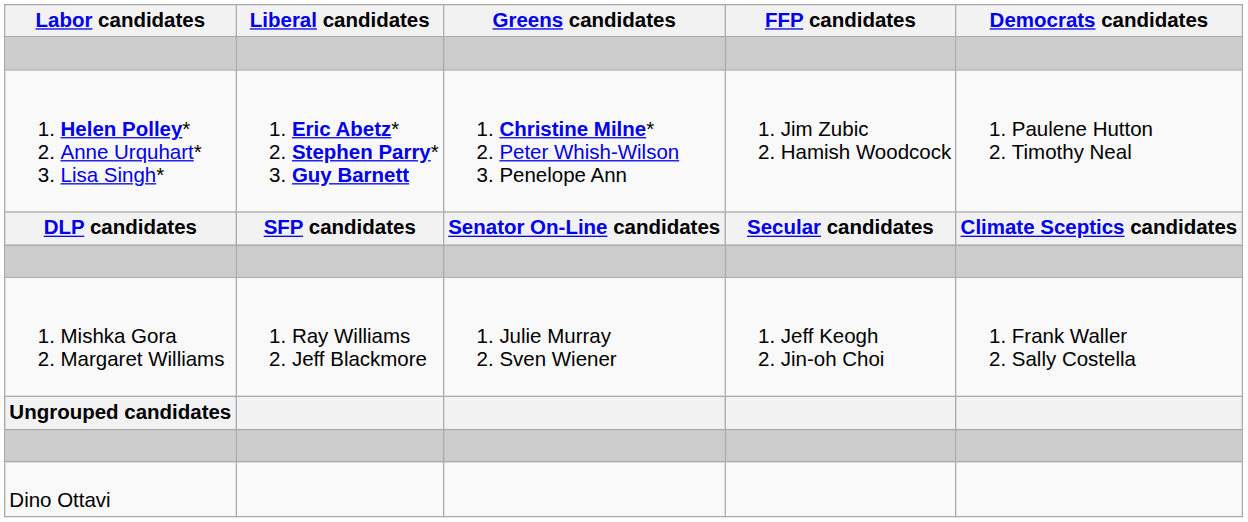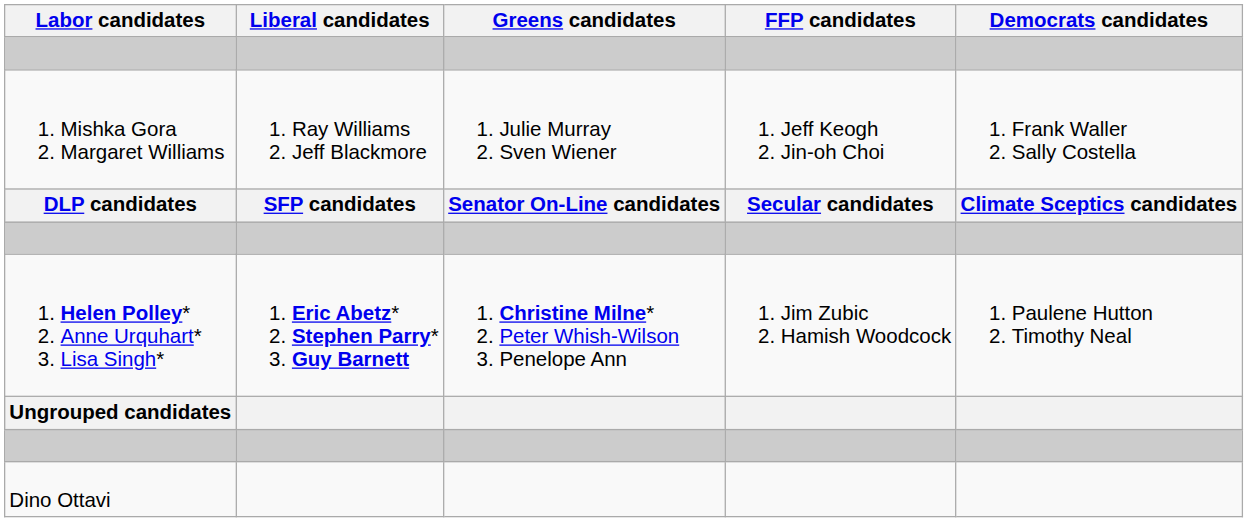 <table class="wikitable">
 <tr>
 <th><a href='#'>Labor</a> candidates</th>
 <th><a href='#'>Liberal</a> candidates</th>
 <th><a href='#'>Greens</a> candidates</th>
 <th><a href='#'>FFP</a> candidates</th>
 <th><a href='#'>Democrats</a> candidates</th>
 </tr>
 <tr style="background:#ccc;">
 <td></td>
 <td></td>
 <td></td>
 <td></td>
 <td> </td>
 </tr>
 <tr>
-<td><br><ol><li><strong><a href='#'>Helen Polley</a></strong>*</li><li><a href='#'>Anne Urquhart</a>*</li><li><a href='#'>Lisa Singh</a>*</li></ol></td>
-<td><br><ol><li><strong><a href='#'>Eric Abetz</a></strong>*</li><li><strong><a href='#'>Stephen Parry</a></strong>*</li><li><strong><a href='#'>Guy Barnett</a></strong></li></ol></td>
-<td><br><ol><li><strong><a href='#'>Christine Milne</a></strong>*</li><li><a href='#'>Peter Whish-Wilson</a></li><li>Penelope Ann</li></ol></td>
-<td valign=top><br><ol><li>Jim Zubic</li><li>Hamish Woodcock</li></ol></td>
-<td valign=top><br><ol><li>Paulene Hutton</li><li>Timothy Neal</li></ol></td>
+<td valign=top><br><ol><li>Mishka Gora</li><li>Margaret Williams</li></ol></td>
+<td valign=top><br><ol><li>Ray Williams</li><li>Jeff Blackmore</li></ol></td>
+<td valign=top><br><ol><li>Julie Murray</li><li>Sven Wiener</li></ol></td>
+<td valign=top><br><ol><li>Jeff Keogh</li><li>Jin-oh Choi</li></ol></td>
+<td valign=top><br><ol><li>Frank Waller</li><li>Sally Costella</li></ol></td>
 </tr>
 <tr style="background:#ccc;">
 <th><a href='#'>DLP</a> candidates</th>
 <th><a href='#'>SFP</a> candidates</th>
 <th><a href='#'>Senator On-Line</a> candidates</th>
 <th><a href='#'>Secular</a> candidates</th>
 <th><a href='#'>Climate Sceptics</a> candidates</th>
 </tr>
 <tr style="background:#ccc;">
 <td></td>
 <td></td>
 <td></td>
 <td></td>
 <td> </td>
 </tr>
 <tr>
-<td valign=top><br><ol><li>Mishka Gora</li><li>Margaret Williams</li></ol></td>
-<td valign=top><br><ol><li>Ray Williams</li><li>Jeff Blackmore</li></ol></td>
-<td valign=top><br><ol><li>Julie Murray</li><li>Sven Wiener</li></ol></td>
-<td valign=top><br><ol><li>Jeff Keogh</li><li>Jin-oh Choi</li></ol></td>
-<td valign=top><br><ol><li>Frank Waller</li><li>Sally Costella</li></ol></td>
+<td><br><ol><li><strong><a href='#'>Helen Polley</a></strong>*</li><li><a href='#'>Anne Urquhart</a>*</li><li><a href='#'>Lisa Singh</a>*</li></ol></td>
+<td><br><ol><li><strong><a href='#'>Eric Abetz</a></strong>*</li><li><strong><a href='#'>Stephen Parry</a></strong>*</li><li><strong><a href='#'>Guy Barnett</a></strong></li></ol></td>
+<td><br><ol><li><strong><a href='#'>Christine Milne</a></strong>*</li><li><a href='#'>Peter Whish-Wilson</a></li><li>Penelope Ann</li></ol></td>
+<td valign=top><br><ol><li>Jim Zubic</li><li>Hamish Woodcock</li></ol></td>
+<td valign=top><br><ol><li>Paulene Hutton</li><li>Timothy Neal</li></ol></td>
 </tr>
 <tr style="background:#ccc;">
 <th>Ungrouped candidates</th>
 <th></th>
 <th></th>
 <th></th>
 <th></th>
 </tr>
 <tr style="background:#ccc;">
 <td></td>
 <td></td>
 <td></td>
 <td></td>
 <td> </td>
 </tr>
 <tr>
 <td valign=top><br>Dino Ottavi</td>
 <td valign=top></td>
 <td valign=top></td>
 <td valign=top></td>
 <td valign=top></td>
 </tr>
 </table>
